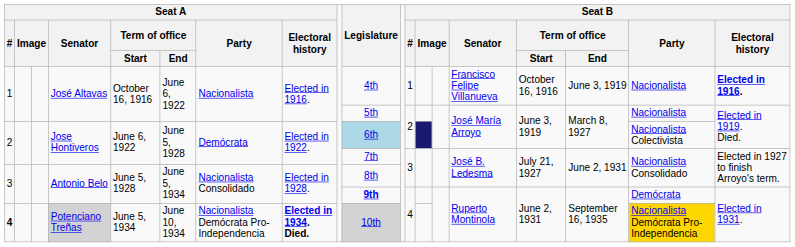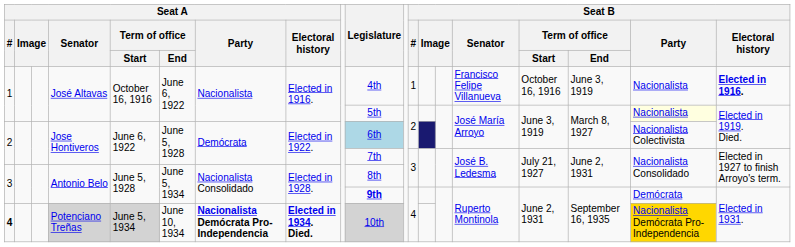 <table class="wikitable">
 <tr>
 <th colspan="8">Seat A</th>
 <td rowspan="99"></td>
 <th rowspan="3">Legislature</th>
 <td rowspan="99"></td>
 <th colspan="8">Seat B</th>
 </tr>
 <tr style="height:3em">
 <th rowspan="2">#</th>
 <th rowspan="2" colspan="2">Image</th>
 <th rowspan="2">Senator</th>
 <th colspan="2">Term of office</th>
 <th rowspan="2">Party</th>
 <th rowspan="2">Electoral history</th>
 <th rowspan="2">#</th>
 <th rowspan="2" colspan="2">Image</th>
 <th rowspan="2">Senator</th>
 <th colspan="2">Term of office</th>
 <th rowspan="2">Party</th>
 <th rowspan="2">Electoral history</th>
 </tr>
 <tr>
 <th>Start</th>
 <th>End</th>
 <th>Start</th>
 <th>End</th>
 </tr>
 <tr>
 <td rowspan="2" style="text-align:center;">1</td>
 <td rowspan="2" style="background:"></td>
 <td rowspan="2"></td>
 <td rowspan="2"><a href='#'>José Altavas</a></td>
 <td rowspan="2">October 16, 1916</td>
 <td rowspan="2">June 6, 1922</td>
 <td rowspan="2"><a href='#'>Nacionalista</a></td>
 <td rowspan="2"><a href='#'>Elected in 1916</a>.</td>
 <td style="text-align:center;"><a href='#'>4th</a></td>
 <td style="text-align:center;">1</td>
 <td style="background:"></td>
 <td></td>
 <td><a href='#'>Francisco Felipe Villanueva</a></td>
 <td>October 16, 1916</td>
 <td>June 3, 1919</td>
 <td><a href='#'>Nacionalista</a></td>
 <td><strong><a href='#'>Elected in 1916</a>.</strong></td>
 </tr>
 <tr>
 <td style="text-align:center;"><a href='#'>5th</a></td>
 <td rowspan="2" style="text-align:center;">2</td>
 <td style="background:"></td>
 <td rowspan="2"></td>
 <td rowspan="2"><a href='#'>José María Arroyo</a></td>
 <td rowspan="2">June 3, 1919</td>
 <td rowspan="2">March 8, 1927</td>
-<td><a href='#'>Nacionalista</a></td>
+<td style="background: lightyellow;"><a href='#'>Nacionalista</a></td>
 <td rowspan="2"><a href='#'>Elected in 1919</a>.<br>Died.</td>
 </tr>
 <tr>
 <td rowspan="2" style="text-align:center;">2</td>
 <td rowspan="2" style="background:"></td>
 <td rowspan="2"></td>
 <td rowspan="2"><a href='#'>Jose Hontiveros</a></td>
 <td rowspan="2">June 6, 1922</td>
 <td rowspan="2">June 5, 1928</td>
 <td rowspan="2"><a href='#'>Demócrata</a></td>
 <td rowspan="2"><a href='#'>Elected in 1922</a>.</td>
 <td style="background: lightblue; text-align:center;"><a href='#'>6th</a></td>
 <td style="background-color:#191970"></td>
 <td><a href='#'>Nacionalista</a><br>Colectivista</td>
 </tr>
 <tr>
 <td style="text-align:center;"><a href='#'>7th</a></td>
 <td rowspan="2" style="text-align:center;">3</td>
 <td rowspan="2" style="background:"></td>
 <td rowspan="2"></td>
 <td rowspan="2"><a href='#'>José B. Ledesma</a></td>
 <td rowspan="2">July 21, 1927</td>
 <td rowspan="2">June 2, 1931</td>
 <td rowspan="2"><a href='#'>Nacionalista</a><br>Consolidado</td>
 <td rowspan="2">Elected in 1927 to finish Arroyo's term.</td>
 </tr>
 <tr>
 <td rowspan="2" style="text-align:center;">3</td>
 <td rowspan="2" style="background:"></td>
 <td rowspan="2"></td>
 <td rowspan="2"><a href='#'>Antonio Belo</a></td>
 <td rowspan="2">June 5, 1928</td>
 <td rowspan="2">June 5, 1934</td>
 <td rowspan="2"><a href='#'>Nacionalista</a><br>Consolidado</td>
 <td rowspan="2"><a href='#'>Elected in 1928</a>.</td>
 <td style="text-align:center;"><a href='#'>8th</a></td>
 </tr>
 <tr>
 <td style="text-align:center;"><strong><a href='#'>9th</a></strong></td>
 <td rowspan="2" style="text-align:center;">4</td>
 <td style="background:"></td>
 <td rowspan="2"></td>
 <td rowspan="2"><a href='#'>Ruperto Montinola</a></td>
 <td rowspan="2">June 2, 1931</td>
 <td rowspan="2">September 16, 1935</td>
 <td><a href='#'>Demócrata</a></td>
 <td rowspan="2"><a href='#'>Elected in 1931</a>.</td>
 </tr>
 <tr>
 <td style="text-align:center;"><strong>4</strong></td>
 <td style="background:"></td>
 <td></td>
 <td style="background: lightgrey;"><a href='#'>Potenciano Treñas</a></td>
-<td>June 5, 1934</td>
+<td style="background: lightgrey;">June 5, 1934</td>
 <td>June 10, 1934</td>
-<td><a href='#'>Nacionalista</a><br>Demócrata Pro-Independencia</td>
+<td><strong><a href='#'>Nacionalista</a><br>Demócrata Pro-Independencia</strong></td>
 <td><strong><a href='#'>Elected in 1934</a>.<br>Died.</strong></td>
 <td style="background: lightgrey; text-align:center;"><a href='#'>10th</a></td>
 <td style="background:"></td>
 <td style="background: gold;"><a href='#'>Nacionalista</a><br>Demócrata Pro-Independencia</td>
 </tr>
 </table>
